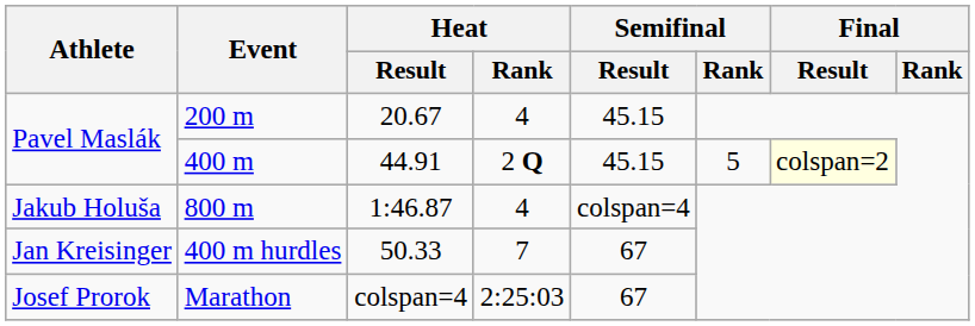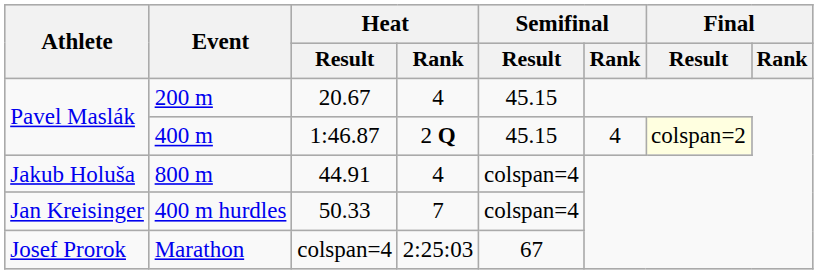 <table class="wikitable" style="font-size:90%">
 <tr>
 <th rowspan="2">Athlete</th>
 <th rowspan="2">Event</th>
 <th colspan="2">Heat</th>
 <th colspan="2">Semifinal</th>
 <th colspan="2">Final</th>
 </tr>
 <tr style="font-size:95%">
 <th>Result</th>
 <th>Rank</th>
 <th>Result</th>
 <th>Rank</th>
 <th>Result</th>
 <th>Rank</th>
 </tr>
 <tr align=center>
 <td align=left rowspan=2><a href='#'>Pavel Maslák</a></td>
 <td align=left><a href='#'>200 m</a></td>
 <td>20.67</td>
 <td>4</td>
 <td>45.15</td>
 </tr>
 <tr align=center>
 <td align=left><a href='#'>400 m</a></td>
-<td>44.91</td>
+<td>1:46.87</td>
 <td>2 <strong>Q</strong></td>
 <td>45.15</td>
-<td>5</td>
+<td>4</td>
 <td style="background: lightyellow;">colspan=2 </td>
 </tr>
 <tr align=center>
 <td align=left><a href='#'>Jakub Holuša</a></td>
 <td align=left><a href='#'>800 m</a></td>
-<td>1:46.87</td>
+<td>44.91</td>
 <td>4</td>
 <td>colspan=4 </td>
 </tr>
 <tr align=center>
 <td align=left><a href='#'>Jan Kreisinger</a></td>
 <td align=left><a href='#'>400 m hurdles</a></td>
 <td>50.33</td>
 <td>7</td>
-<td>67</td>
+<td>colspan=4 </td>
 </tr>
 <tr align=center>
 <td align=left><a href='#'>Josef Prorok</a></td>
 <td align=left><a href='#'>Marathon</a></td>
 <td>colspan=4 </td>
 <td>2:25:03</td>
 <td>67</td>
 </tr>
 </table>
